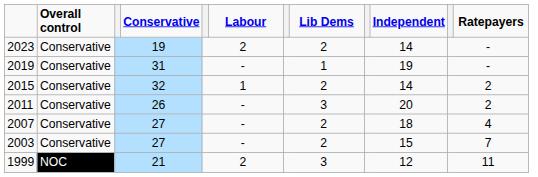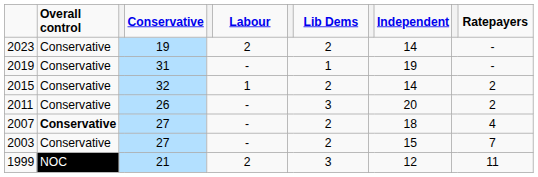 <table class="wikitable" style="text-align:left; padding-left:1em; font-size: 95%">
 <tr>
 <td width=32></td>
 <td width=90><strong>Overall control</strong></td>
 <th style="background-color: "></th>
 <td width=87 align="center"><strong><a href='#'>Conservative</a></strong></td>
 <th style="background-color: "></th>
 <td width=87 align="center"><strong><a href='#'>Labour</a></strong></td>
 <th style="background-color: "></th>
 <td width=87 align="center"><strong><a href='#'>Lib Dems</a></strong></td>
 <th style="background-color: "></th>
 <td width=87 align="center"><strong><a href='#'>Independent</a></strong></td>
 <th style="background-color: "></th>
 <td width=87 align="center"><strong>Ratepayers</strong></td>
 </tr>
 <tr>
 <td>2023</td>
 <td style="background:">Conservative</td>
 <td colspan=2 align="center" style="background:#B3E0FF">19</td>
 <td colspan=2 align="center">2</td>
 <td colspan=2 align="center">2</td>
 <td colspan=2 align="center">14</td>
 <td colspan=2 align="center">-</td>
 </tr>
 <tr>
 <td>2019</td>
 <td style="background:">Conservative</td>
 <td colspan=2 align="center" style="background:#B3E0FF">31</td>
 <td colspan=2 align="center">-</td>
 <td colspan=2 align="center">1</td>
 <td colspan=2 align="center">19</td>
 <td colspan=2 align="center">-</td>
 </tr>
 <tr>
 <td>2015</td>
 <td style="background:">Conservative</td>
 <td colspan=2 align="center" style="background:#B3E0FF">32</td>
 <td colspan=2 align="center">1</td>
 <td colspan=2 align="center">2</td>
 <td colspan=2 align="center">14</td>
 <td colspan=2 align="center">2</td>
 </tr>
 <tr>
 <td>2011</td>
 <td style="background:">Conservative</td>
 <td colspan=2 align="center" style="background:#B3E0FF">26</td>
 <td colspan=2 align="center">-</td>
 <td colspan=2 align="center">3</td>
 <td colspan=2 align="center">20</td>
 <td colspan=2 align="center">2</td>
 </tr>
 <tr>
 <td>2007</td>
-<td style="background:">Conservative</td>
+<td style="background:"><strong>Conservative</strong></td>
 <td colspan=2 align="center" style="background:#B3E0FF">27</td>
 <td colspan=2 align="center">-</td>
 <td colspan=2 align="center">2</td>
 <td colspan=2 align="center">18</td>
 <td colspan=2 align="center">4</td>
 </tr>
 <tr>
 <td>2003</td>
 <td style="background:">Conservative</td>
 <td colspan=2 align="center" style="background:#B3E0FF">27</td>
 <td colspan=2 align="center">-</td>
 <td colspan=2 align="center">2</td>
 <td colspan=2 align="center">15</td>
 <td colspan=2 align="center">7</td>
 </tr>
 <tr>
 <td>1999</td>
 <td style="background:black; color:white">NOC</td>
 <td colspan=2 align="center" style="background:#B3E0FF">21</td>
 <td colspan=2 align="center">2</td>
 <td colspan=2 align="center">3</td>
 <td colspan=2 align="center">12</td>
 <td colspan=2 align="center">11</td>
 </tr>
 </table>
